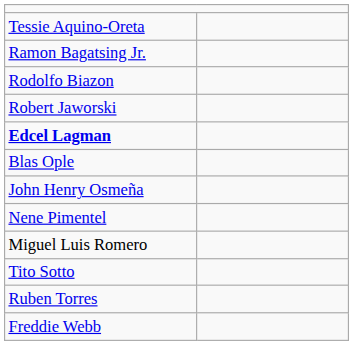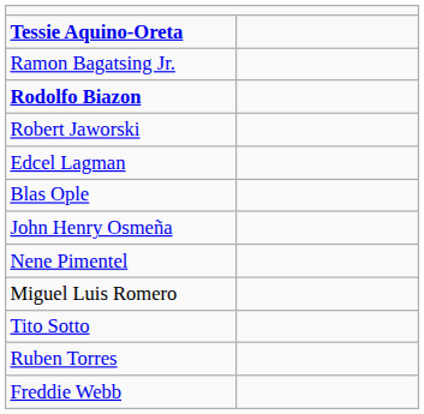 <table class=wikitable style="font-size:90%" width=300px>
 <tr>
 <td colspan=4 bgcolor=></td>
 </tr>
 <tr>
-<td width=160px><a href='#'>Tessie Aquino-Oreta</a></td>
+<td width=160px><strong><a href='#'>Tessie Aquino-Oreta</a></strong></td>
 <td></td>
 </tr>
 <tr>
 <td><a href='#'>Ramon Bagatsing Jr.</a></td>
 <td></td>
 </tr>
 <tr>
-<td><a href='#'>Rodolfo Biazon</a></td>
+<td><strong><a href='#'>Rodolfo Biazon</a></strong></td>
 <td></td>
 </tr>
 <tr>
 <td><a href='#'>Robert Jaworski</a></td>
 <td></td>
 </tr>
 <tr>
-<td><strong><a href='#'>Edcel Lagman</a></strong></td>
+<td><a href='#'>Edcel Lagman</a></td>
 <td></td>
 </tr>
 <tr>
 <td><a href='#'>Blas Ople</a></td>
 <td></td>
 </tr>
 <tr>
 <td><a href='#'>John Henry Osmeña</a></td>
 <td></td>
 </tr>
 <tr>
 <td><a href='#'>Nene Pimentel</a></td>
 <td></td>
 </tr>
 <tr>
 <td>Miguel Luis Romero</td>
 <td></td>
 </tr>
 <tr>
 <td><a href='#'>Tito Sotto</a></td>
 <td></td>
 </tr>
 <tr>
 <td><a href='#'>Ruben Torres</a></td>
 <td></td>
 </tr>
 <tr>
 <td><a href='#'>Freddie Webb</a></td>
 <td></td>
 </tr>
 </table>
